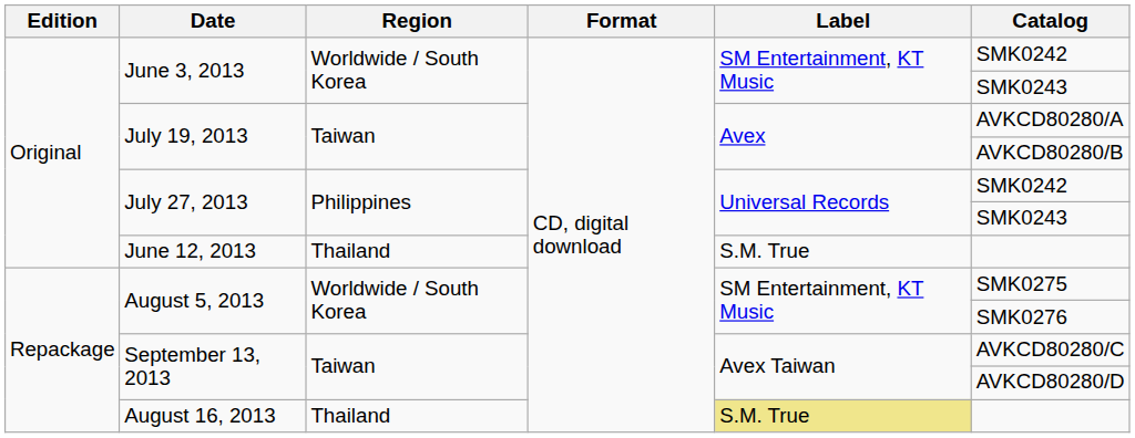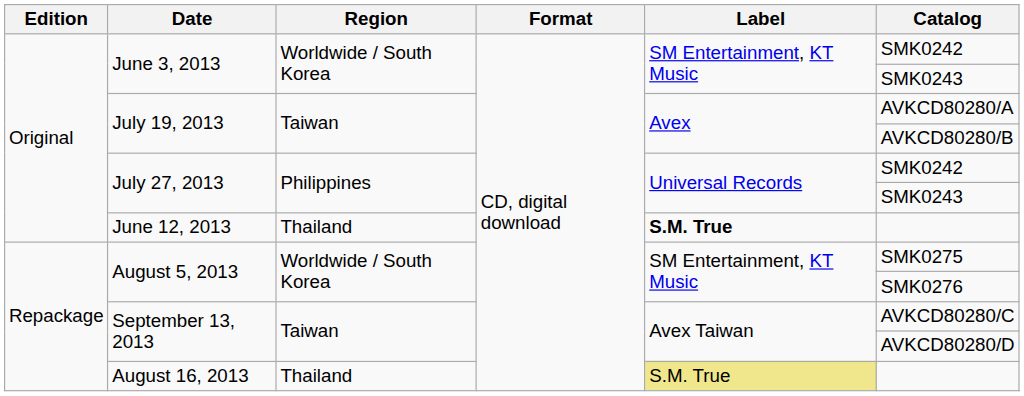 <table class="wikitable">
 <tr>
 <th>Edition</th>
 <th>Date</th>
 <th>Region</th>
 <th>Format</th>
 <th>Label</th>
 <th>Catalog</th>
 </tr>
 <tr>
 <td rowspan=7 style="text=align:center">Original</td>
 <td rowspan=2 style="text=align:center">June 3, 2013</td>
 <td rowspan=2 style="text=align:center">Worldwide / South Korea</td>
 <td rowspan=12 style="text=align:center">CD, digital download</td>
 <td rowspan=2 style="text=align:center"><a href='#'>SM Entertainment</a>, <a href='#'>KT Music</a></td>
 <td style="text=align:center">SMK0242</td>
 </tr>
 <tr>
 <td style="text=align:center">SMK0243</td>
 </tr>
 <tr>
 <td rowspan=2 style="text=align:center">July 19, 2013</td>
 <td rowspan=2 style="text=align:center">Taiwan</td>
 <td rowspan=2 style="text=align:center"><a href='#'>Avex</a></td>
 <td style="text=align:center">AVKCD80280/A</td>
 </tr>
 <tr>
 <td style="text=align:center">AVKCD80280/B</td>
 </tr>
 <tr>
 <td rowspan="2" style="text=align:center">July 27, 2013</td>
 <td rowspan="2" style="text=align:center">Philippines</td>
 <td rowspan="2" style="text=align:center"><a href='#'>Universal Records</a></td>
 <td style="text=align:center">SMK0242</td>
 </tr>
 <tr>
 <td style="text=align:center">SMK0243</td>
 </tr>
 <tr>
 <td style="text=align:center">June 12, 2013</td>
 <td style="text=align:center">Thailand</td>
-<td style="text=align:center">S.M. True</td>
+<td style="text=align:center"><strong>S.M. True</strong></td>
 <td></td>
 </tr>
 <tr>
 <td rowspan=5 style="text=align:center">Repackage</td>
 <td rowspan=2 style="text=align:center">August 5, 2013</td>
 <td rowspan=2 style="text=align:center">Worldwide / South Korea</td>
 <td rowspan=2 style="text=align:center">SM Entertainment, <a href='#'>KT Music</a></td>
 <td style="text=align:center">SMK0275</td>
 </tr>
 <tr>
 <td style="text=align:center">SMK0276</td>
 </tr>
 <tr>
 <td rowspan=2 style="text=align:center">September 13, 2013</td>
 <td rowspan=2 style="text=align:center">Taiwan</td>
 <td rowspan=2 style="text=align:center">Avex Taiwan</td>
 <td style="text=align:center">AVKCD80280/C</td>
 </tr>
 <tr>
 <td style="text=align:center">AVKCD80280/D</td>
 </tr>
 <tr>
 <td style="text=align:center">August 16, 2013</td>
 <td style="text=align:center">Thailand</td>
 <td style="background: khaki; text=align:center">S.M. True</td>
 <td></td>
 </tr>
 </table>
